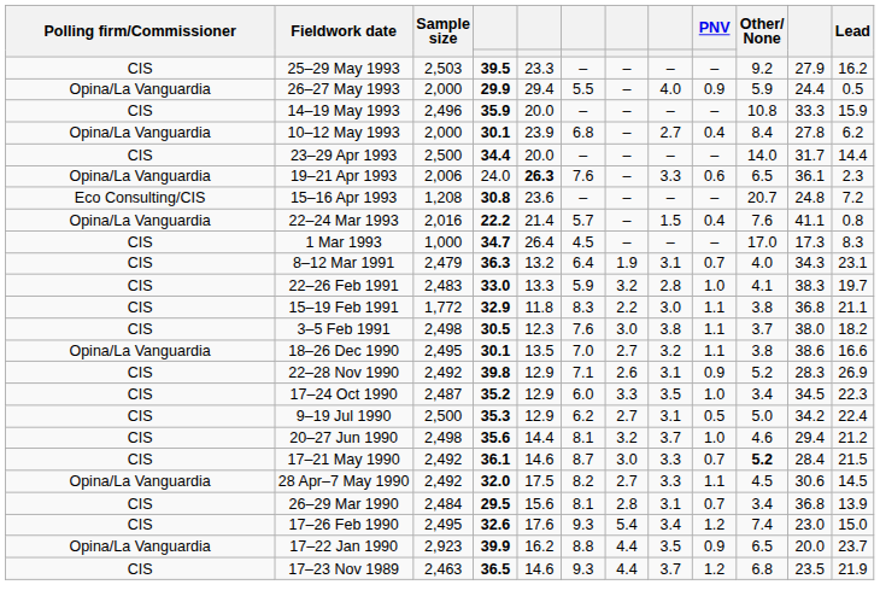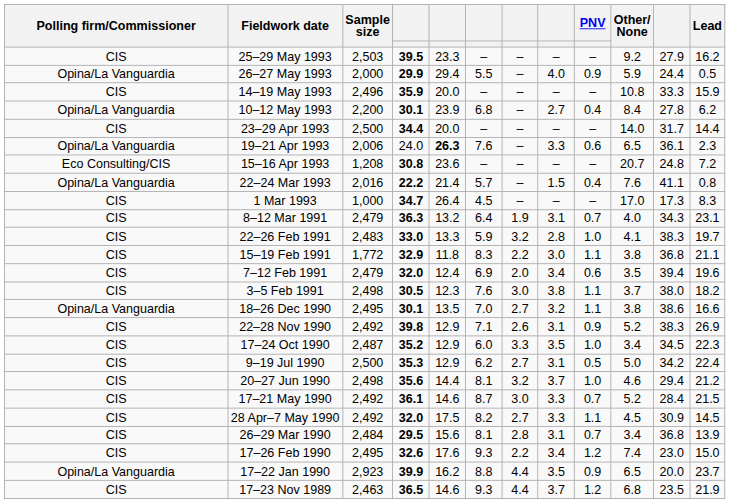 <table class="wikitable collapsible collapsed" style="text-align:center; font-size:90%; line-height:14px;">
 <tr style="height:42px;">
 <th style="width:250px;" rowspan="2">Polling firm/Commissioner</th>
 <th style="width:125px;" rowspan="2">Fieldwork date</th>
 <th style="width:50px;" rowspan="2">Sample size</th>
 <th style="width:35px;"></th>
 <th style="width:35px;"></th>
 <th style="width:35px;"></th>
 <th style="width:35px;"></th>
 <th style="width:35px;"></th>
 <th style="width:35px;"><a href='#'>PNV</a></th>
 <th style="width:35px;" rowspan="2">Other/<br>None</th>
 <th style="width:35px;" rowspan="2"></th>
 <th style="width:30px;" rowspan="2">Lead</th>
 </tr>
 <tr>
 <th style="color:inherit;background:"></th>
 <th style="color:inherit;background:"></th>
 <th style="color:inherit;background:"></th>
 <th style="color:inherit;background:"></th>
 <th style="color:inherit;background:"></th>
 <th style="color:inherit;background:"></th>
 </tr>
 <tr>
 <td>CIS</td>
 <td>25–29 May 1993</td>
 <td>2,503</td>
 <td><strong>39.5</strong></td>
 <td>23.3</td>
 <td>–</td>
 <td>–</td>
 <td>–</td>
 <td>–</td>
 <td>9.2</td>
 <td>27.9</td>
 <td style="background:">16.2</td>
 </tr>
 <tr>
 <td>Opina/La Vanguardia</td>
 <td>26–27 May 1993</td>
 <td>2,000</td>
 <td><strong>29.9</strong></td>
 <td>29.4</td>
 <td>5.5</td>
 <td>–</td>
 <td>4.0</td>
 <td>0.9</td>
 <td>5.9</td>
 <td>24.4</td>
 <td style="background:">0.5</td>
 </tr>
 <tr>
 <td>CIS</td>
 <td>14–19 May 1993</td>
 <td>2,496</td>
 <td><strong>35.9</strong></td>
 <td>20.0</td>
 <td>–</td>
 <td>–</td>
 <td>–</td>
 <td>–</td>
 <td>10.8</td>
 <td>33.3</td>
 <td style="background:">15.9</td>
 </tr>
 <tr>
 <td>Opina/La Vanguardia</td>
 <td>10–12 May 1993</td>
-<td>2,000</td>
+<td>2,200</td>
 <td><strong>30.1</strong></td>
 <td>23.9</td>
 <td>6.8</td>
 <td>–</td>
 <td>2.7</td>
 <td>0.4</td>
 <td>8.4</td>
 <td>27.8</td>
 <td style="background:">6.2</td>
 </tr>
 <tr>
 <td>CIS</td>
 <td>23–29 Apr 1993</td>
 <td>2,500</td>
 <td><strong>34.4</strong></td>
 <td>20.0</td>
 <td>–</td>
 <td>–</td>
 <td>–</td>
 <td>–</td>
 <td>14.0</td>
 <td>31.7</td>
 <td style="background:">14.4</td>
 </tr>
 <tr>
 <td>Opina/La Vanguardia</td>
 <td>19–21 Apr 1993</td>
 <td>2,006</td>
 <td>24.0</td>
 <td><strong>26.3</strong></td>
 <td>7.6</td>
 <td>–</td>
 <td>3.3</td>
 <td>0.6</td>
 <td>6.5</td>
 <td>36.1</td>
 <td style="background:">2.3</td>
 </tr>
 <tr>
 <td>Eco Consulting/CIS</td>
 <td>15–16 Apr 1993</td>
 <td>1,208</td>
 <td><strong>30.8</strong></td>
 <td>23.6</td>
 <td>–</td>
 <td>–</td>
 <td>–</td>
 <td>–</td>
 <td>20.7</td>
 <td>24.8</td>
 <td style="background:">7.2</td>
 </tr>
 <tr>
 <td>Opina/La Vanguardia</td>
 <td>22–24 Mar 1993</td>
 <td>2,016</td>
 <td><strong>22.2</strong></td>
 <td>21.4</td>
 <td>5.7</td>
 <td>–</td>
 <td>1.5</td>
 <td>0.4</td>
 <td>7.6</td>
 <td>41.1</td>
 <td style="background:">0.8</td>
 </tr>
 <tr>
 <td>CIS</td>
 <td>1 Mar 1993</td>
 <td>1,000</td>
 <td><strong>34.7</strong></td>
 <td>26.4</td>
 <td>4.5</td>
 <td>–</td>
 <td>–</td>
 <td>–</td>
 <td>17.0</td>
 <td>17.3</td>
 <td style="background:">8.3</td>
 </tr>
 <tr>
 <td>CIS</td>
 <td>8–12 Mar 1991</td>
 <td>2,479</td>
 <td><strong>36.3</strong></td>
 <td>13.2</td>
 <td>6.4</td>
 <td>1.9</td>
 <td>3.1</td>
 <td>0.7</td>
 <td>4.0</td>
 <td>34.3</td>
 <td style="background:">23.1</td>
 </tr>
 <tr>
 <td>CIS</td>
 <td>22–26 Feb 1991</td>
 <td>2,483</td>
 <td><strong>33.0</strong></td>
 <td>13.3</td>
 <td>5.9</td>
 <td>3.2</td>
 <td>2.8</td>
 <td>1.0</td>
 <td>4.1</td>
 <td>38.3</td>
 <td style="background:">19.7</td>
 </tr>
 <tr>
 <td>CIS</td>
 <td>15–19 Feb 1991</td>
 <td>1,772</td>
 <td><strong>32.9</strong></td>
 <td>11.8</td>
 <td>8.3</td>
 <td>2.2</td>
 <td>3.0</td>
 <td>1.1</td>
 <td>3.8</td>
 <td>36.8</td>
 <td style="background:">21.1</td>
 </tr>
 <tr>
 <td>CIS</td>
+<td>7–12 Feb 1991</td>
+<td>2,479</td>
+<td><strong>32.0</strong></td>
+<td>12.4</td>
+<td>6.9</td>
+<td>2.0</td>
+<td>3.4</td>
+<td>0.6</td>
+<td>3.5</td>
+<td>39.4</td>
+<td style="background:">19.6</td>
+</tr>
+<tr>
+<td>CIS</td>
 <td>3–5 Feb 1991</td>
 <td>2,498</td>
 <td><strong>30.5</strong></td>
 <td>12.3</td>
 <td>7.6</td>
 <td>3.0</td>
 <td>3.8</td>
 <td>1.1</td>
 <td>3.7</td>
 <td>38.0</td>
 <td style="background:">18.2</td>
 </tr>
 <tr>
 <td>Opina/La Vanguardia</td>
 <td>18–26 Dec 1990</td>
 <td>2,495</td>
 <td><strong>30.1</strong></td>
 <td>13.5</td>
 <td>7.0</td>
 <td>2.7</td>
 <td>3.2</td>
 <td>1.1</td>
 <td>3.8</td>
 <td>38.6</td>
 <td style="background:">16.6</td>
 </tr>
 <tr>
 <td>CIS</td>
 <td>22–28 Nov 1990</td>
 <td>2,492</td>
 <td><strong>39.8</strong></td>
 <td>12.9</td>
 <td>7.1</td>
 <td>2.6</td>
 <td>3.1</td>
 <td>0.9</td>
 <td>5.2</td>
-<td>28.3</td>
+<td>38.3</td>
 <td style="background:">26.9</td>
 </tr>
 <tr>
 <td>CIS</td>
 <td>17–24 Oct 1990</td>
 <td>2,487</td>
 <td><strong>35.2</strong></td>
 <td>12.9</td>
 <td>6.0</td>
 <td>3.3</td>
 <td>3.5</td>
 <td>1.0</td>
 <td>3.4</td>
 <td>34.5</td>
 <td style="background:">22.3</td>
 </tr>
 <tr>
 <td>CIS</td>
 <td>9–19 Jul 1990</td>
 <td>2,500</td>
 <td><strong>35.3</strong></td>
 <td>12.9</td>
 <td>6.2</td>
 <td>2.7</td>
 <td>3.1</td>
 <td>0.5</td>
 <td>5.0</td>
 <td>34.2</td>
 <td style="background:">22.4</td>
 </tr>
 <tr>
 <td>CIS</td>
 <td>20–27 Jun 1990</td>
 <td>2,498</td>
 <td><strong>35.6</strong></td>
 <td>14.4</td>
 <td>8.1</td>
 <td>3.2</td>
 <td>3.7</td>
 <td>1.0</td>
 <td>4.6</td>
 <td>29.4</td>
 <td style="background:">21.2</td>
 </tr>
 <tr>
 <td>CIS</td>
 <td>17–21 May 1990</td>
 <td>2,492</td>
 <td><strong>36.1</strong></td>
 <td>14.6</td>
 <td>8.7</td>
 <td>3.0</td>
 <td>3.3</td>
 <td>0.7</td>
-<td><strong>5.2</strong></td>
+<td>5.2</td>
 <td>28.4</td>
 <td style="background:">21.5</td>
 </tr>
 <tr>
-<td>Opina/La Vanguardia</td>
+<td>CIS</td>
 <td>28 Apr–7 May 1990</td>
 <td>2,492</td>
 <td><strong>32.0</strong></td>
 <td>17.5</td>
 <td>8.2</td>
 <td>2.7</td>
 <td>3.3</td>
 <td>1.1</td>
 <td>4.5</td>
-<td>30.6</td>
+<td>30.9</td>
 <td style="background:">14.5</td>
 </tr>
 <tr>
 <td>CIS</td>
 <td>26–29 Mar 1990</td>
 <td>2,484</td>
 <td><strong>29.5</strong></td>
 <td>15.6</td>
 <td>8.1</td>
 <td>2.8</td>
 <td>3.1</td>
 <td>0.7</td>
 <td>3.4</td>
 <td>36.8</td>
 <td style="background:">13.9</td>
 </tr>
 <tr>
 <td>CIS</td>
 <td>17–26 Feb 1990</td>
 <td>2,495</td>
 <td><strong>32.6</strong></td>
 <td>17.6</td>
 <td>9.3</td>
-<td>5.4</td>
+<td>2.2</td>
 <td>3.4</td>
 <td>1.2</td>
 <td>7.4</td>
 <td>23.0</td>
 <td style="background:">15.0</td>
 </tr>
 <tr>
 <td>Opina/La Vanguardia</td>
 <td>17–22 Jan 1990</td>
 <td>2,923</td>
 <td><strong>39.9</strong></td>
 <td>16.2</td>
 <td>8.8</td>
 <td>4.4</td>
 <td>3.5</td>
 <td>0.9</td>
 <td>6.5</td>
 <td>20.0</td>
 <td style="background:">23.7</td>
 </tr>
 <tr>
 <td>CIS</td>
 <td>17–23 Nov 1989</td>
 <td>2,463</td>
 <td><strong>36.5</strong></td>
 <td>14.6</td>
 <td>9.3</td>
 <td>4.4</td>
 <td>3.7</td>
 <td>1.2</td>
 <td>6.8</td>
 <td>23.5</td>
 <td style="background:">21.9</td>
 </tr>
 </table>
